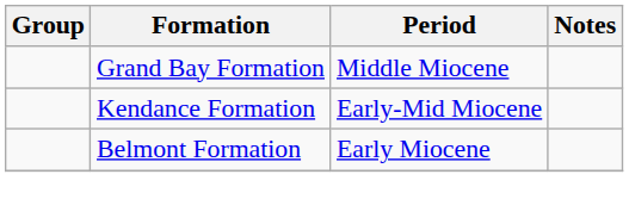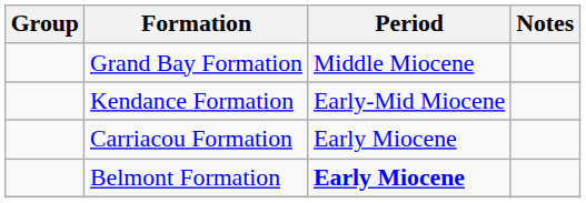 <table class="wikitable sortable">
 <tr>
 <th>Group</th>
 <th>Formation</th>
 <th>Period</th>
 <th class="unsortable">Notes</th>
 </tr>
 <tr>
 <td></td>
 <td><a href='#'>Grand Bay Formation</a></td>
 <td style="background-color: "><a href='#'>Middle Miocene</a></td>
 <td align=center></td>
 </tr>
 <tr>
 <td></td>
 <td><a href='#'>Kendance Formation</a></td>
 <td style="background-color: "><a href='#'>Early-Mid Miocene</a></td>
 <td align=center></td>
 </tr>
 <tr>
 <td></td>
+<td><a href='#'>Carriacou Formation</a></td>
+<td style="background-color: "><a href='#'>Early Miocene</a></td>
+<td align=center></td>
+</tr>
+<tr>
+<td></td>
 <td><a href='#'>Belmont Formation</a></td>
-<td style="background-color: "><a href='#'>Early Miocene</a></td>
+<td style="background-color: "><strong><a href='#'>Early Miocene</a></strong></td>
 <td align=center></td>
 </tr>
 <tr>
 </tr>
 </table>
